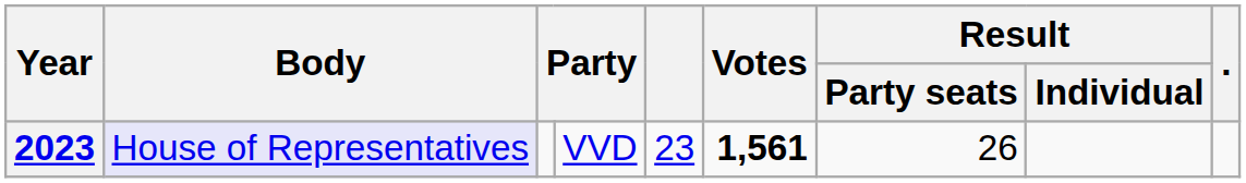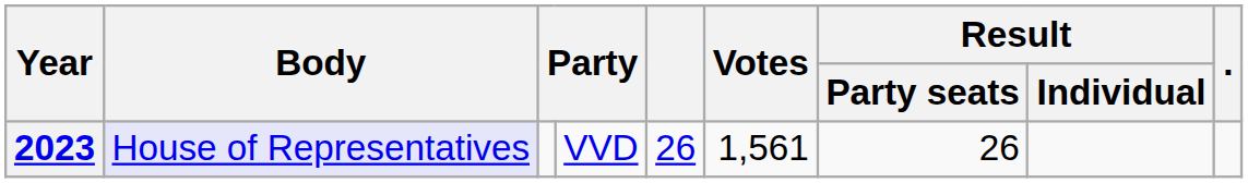 <table class="wikitable plainrowheaders sortable" border=2 cellpadding=4 cellspacing=0 style="border: 1px #aaa solid; font-size: 90%; text-align:center;">
 <tr>
 <th scope="col" rowspan=2>Year</th>
 <th scope="col" rowspan=2>Body</th>
 <th scope="col" colspan=2 rowspan=2>Party</th>
 <th scope="col" rowspan=2></th>
 <th scope="col" rowspan=2>Votes</th>
 <th scope="colgroup" colspan=2>Result</th>
 <th scope="col" rowspan=2 class="unsortable">.</th>
 </tr>
 <tr>
 <th scope="col">Party seats</th>
 <th scope="col">Individual</th>
 </tr>
 <tr>
 <th scope="row"><a href='#'>2023</a></th>
 <td style="background: lavender;"><a href='#'>House of Representatives</a></td>
 <td style="background-color:"></td>
 <td><a href='#'>VVD</a></td>
-<td style=text-align:right><a href='#'>23</a></td>
-<td style=text-align:right><strong>1,561</strong></td>
+<td style=text-align:right><a href='#'>26</a></td>
+<td style=text-align:right>1,561</td>
 <td style=text-align:right>26</td>
 <td></td>
 <td></td>
 </tr>
 </table>
